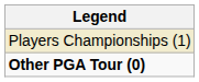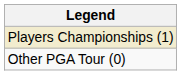 <table class="wikitable" style="font-size:95%;">
 <tr>
 <th>Legend</th>
 </tr>
 <tr style="background:#f2ecce;">
 <td>Players Championships (1)</td>
 </tr>
 <tr>
-<td><strong>Other PGA Tour (0)</strong></td>
+<td>Other PGA Tour (0)</td>
 </tr>
 </table>
